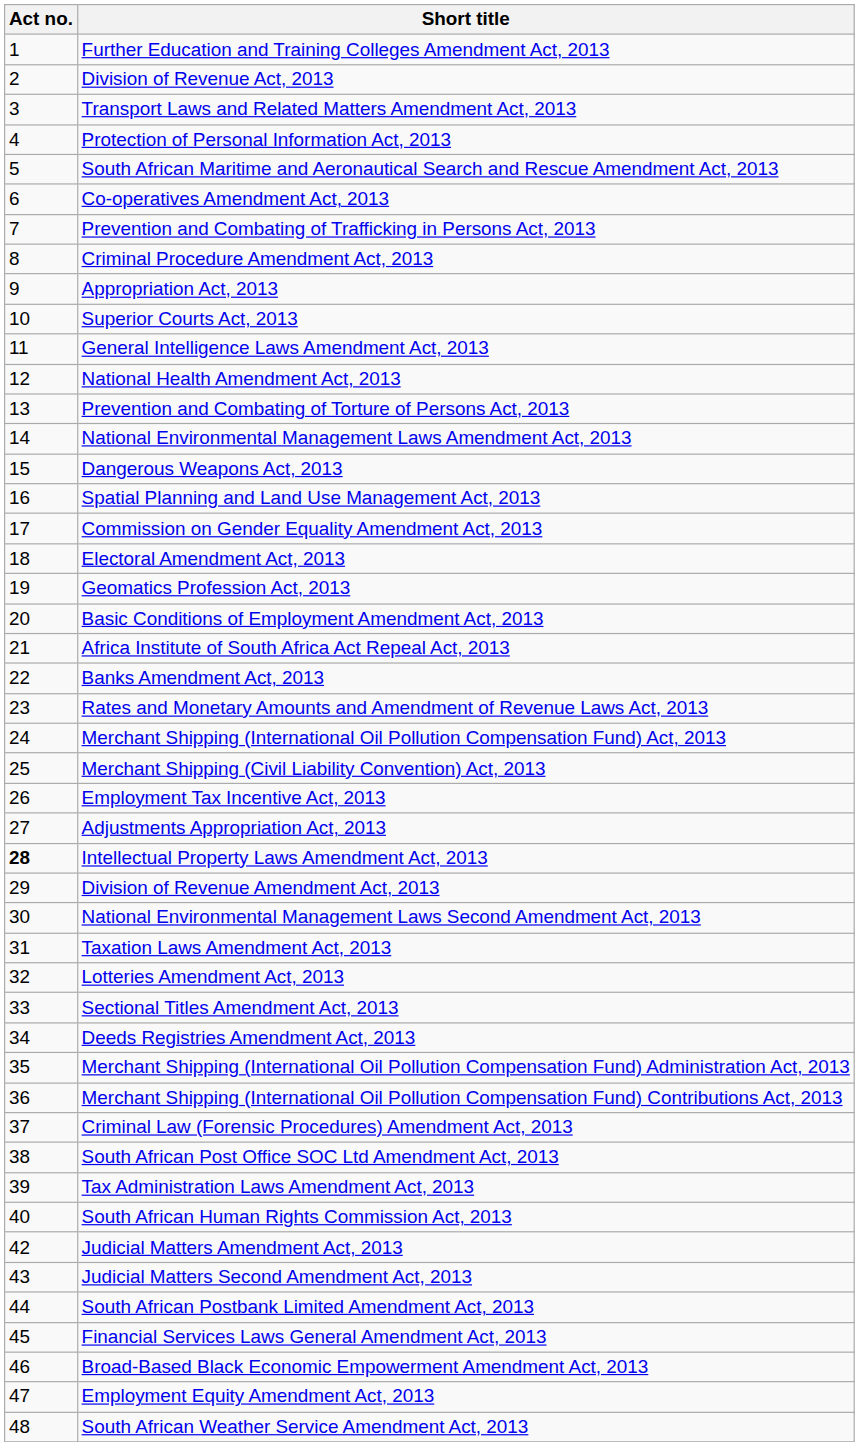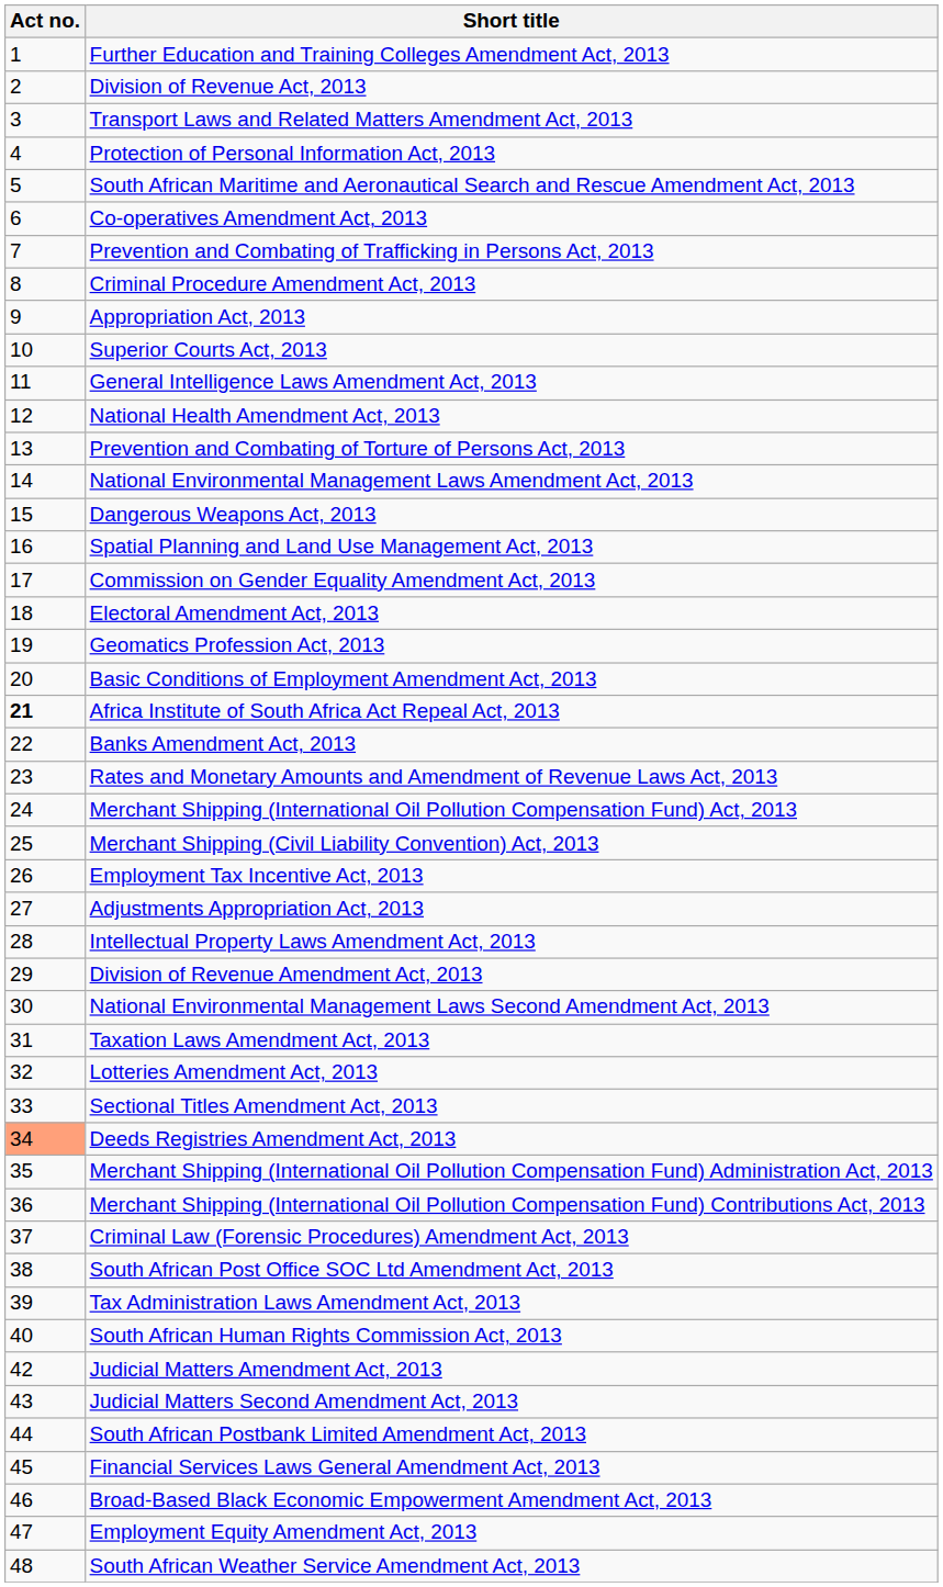 <table class="wikitable sortable">
 <tr>
 <th>Act no.</th>
 <th>Short title</th>
 </tr>
 <tr>
 <td>1</td>
 <td><a href='#'>Further Education and Training Colleges Amendment Act, 2013</a></td>
 </tr>
 <tr>
 <td>2</td>
 <td><a href='#'>Division of Revenue Act, 2013</a></td>
 </tr>
 <tr>
 <td>3</td>
 <td><a href='#'>Transport Laws and Related Matters Amendment Act, 2013</a></td>
 </tr>
 <tr>
 <td>4</td>
 <td><a href='#'>Protection of Personal Information Act, 2013</a></td>
 </tr>
 <tr>
 <td>5</td>
 <td><a href='#'>South African Maritime and Aeronautical Search and Rescue Amendment Act, 2013</a></td>
 </tr>
 <tr>
 <td>6</td>
 <td><a href='#'>Co-operatives Amendment Act, 2013</a></td>
 </tr>
 <tr>
 <td>7</td>
 <td><a href='#'>Prevention and Combating of Trafficking in Persons Act, 2013</a></td>
 </tr>
 <tr>
 <td>8</td>
 <td><a href='#'>Criminal Procedure Amendment Act, 2013</a></td>
 </tr>
 <tr>
 <td>9</td>
 <td><a href='#'>Appropriation Act, 2013</a></td>
 </tr>
 <tr>
 <td>10</td>
 <td><a href='#'>Superior Courts Act, 2013</a></td>
 </tr>
 <tr>
 <td>11</td>
 <td><a href='#'>General Intelligence Laws Amendment Act, 2013</a></td>
 </tr>
 <tr>
 <td>12</td>
 <td><a href='#'>National Health Amendment Act, 2013</a></td>
 </tr>
 <tr>
 <td>13</td>
 <td><a href='#'>Prevention and Combating of Torture of Persons Act, 2013</a></td>
 </tr>
 <tr>
 <td>14</td>
 <td><a href='#'>National Environmental Management Laws Amendment Act, 2013</a></td>
 </tr>
 <tr>
 <td>15</td>
 <td><a href='#'>Dangerous Weapons Act, 2013</a></td>
 </tr>
 <tr>
 <td>16</td>
 <td><a href='#'>Spatial Planning and Land Use Management Act, 2013</a></td>
 </tr>
 <tr>
 <td>17</td>
 <td><a href='#'>Commission on Gender Equality Amendment Act, 2013</a></td>
 </tr>
 <tr>
 <td>18</td>
 <td><a href='#'>Electoral Amendment Act, 2013</a></td>
 </tr>
 <tr>
 <td>19</td>
 <td><a href='#'>Geomatics Profession Act, 2013</a></td>
 </tr>
 <tr>
 <td>20</td>
 <td><a href='#'>Basic Conditions of Employment Amendment Act, 2013</a></td>
 </tr>
 <tr>
-<td>21</td>
+<td><strong>21</strong></td>
 <td><a href='#'>Africa Institute of South Africa Act Repeal Act, 2013</a></td>
 </tr>
 <tr>
 <td>22</td>
 <td><a href='#'>Banks Amendment Act, 2013</a></td>
 </tr>
 <tr>
 <td>23</td>
 <td><a href='#'>Rates and Monetary Amounts and Amendment of Revenue Laws Act, 2013</a></td>
 </tr>
 <tr>
 <td>24</td>
 <td><a href='#'>Merchant Shipping (International Oil Pollution Compensation Fund) Act, 2013</a></td>
 </tr>
 <tr>
 <td>25</td>
 <td><a href='#'>Merchant Shipping (Civil Liability Convention) Act, 2013</a></td>
 </tr>
 <tr>
 <td>26</td>
 <td><a href='#'>Employment Tax Incentive Act, 2013</a></td>
 </tr>
 <tr>
 <td>27</td>
 <td><a href='#'>Adjustments Appropriation Act, 2013</a></td>
 </tr>
 <tr>
-<td><strong>28</strong></td>
+<td>28</td>
 <td><a href='#'>Intellectual Property Laws Amendment Act, 2013</a></td>
 </tr>
 <tr>
 <td>29</td>
 <td><a href='#'>Division of Revenue Amendment Act, 2013</a></td>
 </tr>
 <tr>
 <td>30</td>
 <td><a href='#'>National Environmental Management Laws Second Amendment Act, 2013</a></td>
 </tr>
 <tr>
 <td>31</td>
 <td><a href='#'>Taxation Laws Amendment Act, 2013</a></td>
 </tr>
 <tr>
 <td>32</td>
 <td><a href='#'>Lotteries Amendment Act, 2013</a></td>
 </tr>
 <tr>
 <td>33</td>
 <td><a href='#'>Sectional Titles Amendment Act, 2013</a></td>
 </tr>
 <tr>
-<td>34</td>
+<td style="background: lightsalmon;">34</td>
 <td><a href='#'>Deeds Registries Amendment Act, 2013</a></td>
 </tr>
 <tr>
 <td>35</td>
 <td><a href='#'>Merchant Shipping (International Oil Pollution Compensation Fund) Administration Act, 2013</a></td>
 </tr>
 <tr>
 <td>36</td>
 <td><a href='#'>Merchant Shipping (International Oil Pollution Compensation Fund) Contributions Act, 2013</a></td>
 </tr>
 <tr>
 <td>37</td>
 <td><a href='#'>Criminal Law (Forensic Procedures) Amendment Act, 2013</a></td>
 </tr>
 <tr>
 <td>38</td>
 <td><a href='#'>South African Post Office SOC Ltd Amendment Act, 2013</a></td>
 </tr>
 <tr>
 <td>39</td>
 <td><a href='#'>Tax Administration Laws Amendment Act, 2013</a></td>
 </tr>
 <tr>
 <td>40</td>
 <td><a href='#'>South African Human Rights Commission Act, 2013</a></td>
 </tr>
 <tr>
 <td>42</td>
 <td><a href='#'>Judicial Matters Amendment Act, 2013</a></td>
 </tr>
 <tr>
 <td>43</td>
 <td><a href='#'>Judicial Matters Second Amendment Act, 2013</a></td>
 </tr>
 <tr>
 <td>44</td>
 <td><a href='#'>South African Postbank Limited Amendment Act, 2013</a></td>
 </tr>
 <tr>
 <td>45</td>
 <td><a href='#'>Financial Services Laws General Amendment Act, 2013</a></td>
 </tr>
 <tr>
 <td>46</td>
 <td><a href='#'>Broad-Based Black Economic Empowerment Amendment Act, 2013</a></td>
 </tr>
 <tr>
 <td>47</td>
 <td><a href='#'>Employment Equity Amendment Act, 2013</a></td>
 </tr>
 <tr>
 <td>48</td>
 <td><a href='#'>South African Weather Service Amendment Act, 2013</a></td>
 </tr>
 </table>
